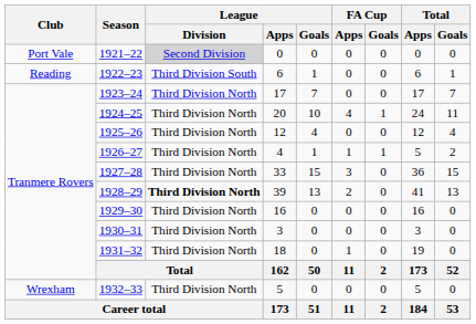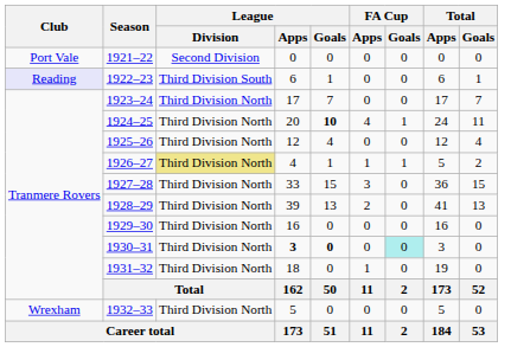 <table class="wikitable" style="text-align: center;">
 <tr>
 <th rowspan="2">Club</th>
 <th rowspan="2">Season</th>
 <th colspan="3">League</th>
 <th colspan="2">FA Cup</th>
 <th colspan="2">Total</th>
 </tr>
 <tr>
 <th>Division</th>
 <th>Apps</th>
 <th>Goals</th>
 <th>Apps</th>
 <th>Goals</th>
 <th>Apps</th>
 <th>Goals</th>
 </tr>
 <tr>
 <td><a href='#'>Port Vale</a></td>
 <td><a href='#'>1921–22</a></td>
-<td style="background: lightgrey;"><a href='#'>Second Division</a></td>
+<td><a href='#'>Second Division</a></td>
 <td>0</td>
 <td>0</td>
 <td>0</td>
 <td>0</td>
 <td>0</td>
 <td>0</td>
 </tr>
 <tr>
-<td><a href='#'>Reading</a></td>
+<td style="background: lavender;"><a href='#'>Reading</a></td>
 <td><a href='#'>1922–23</a></td>
 <td><a href='#'>Third Division South</a></td>
 <td>6</td>
 <td>1</td>
 <td>0</td>
 <td>0</td>
 <td>6</td>
 <td>1</td>
 </tr>
 <tr>
 <td rowspan="10"><a href='#'>Tranmere Rovers</a></td>
 <td><a href='#'>1923–24</a></td>
 <td><a href='#'>Third Division North</a></td>
 <td>17</td>
 <td>7</td>
 <td>0</td>
 <td>0</td>
 <td>17</td>
 <td>7</td>
 </tr>
 <tr>
 <td><a href='#'>1924–25</a></td>
 <td>Third Division North</td>
 <td>20</td>
-<td>10</td>
+<td><strong>10</strong></td>
 <td>4</td>
 <td>1</td>
 <td>24</td>
 <td>11</td>
 </tr>
 <tr>
 <td><a href='#'>1925–26</a></td>
 <td>Third Division North</td>
 <td>12</td>
 <td>4</td>
 <td>0</td>
 <td>0</td>
 <td>12</td>
 <td>4</td>
 </tr>
 <tr>
 <td><a href='#'>1926–27</a></td>
-<td>Third Division North</td>
+<td style="background: khaki;">Third Division North</td>
 <td>4</td>
 <td>1</td>
 <td>1</td>
 <td>1</td>
 <td>5</td>
 <td>2</td>
 </tr>
 <tr>
 <td><a href='#'>1927–28</a></td>
 <td>Third Division North</td>
 <td>33</td>
 <td>15</td>
 <td>3</td>
 <td>0</td>
 <td>36</td>
 <td>15</td>
 </tr>
 <tr>
 <td><a href='#'>1928–29</a></td>
-<td><strong>Third Division North</strong></td>
+<td>Third Division North</td>
 <td>39</td>
 <td>13</td>
 <td>2</td>
 <td>0</td>
 <td>41</td>
 <td>13</td>
 </tr>
 <tr>
 <td><a href='#'>1929–30</a></td>
 <td>Third Division North</td>
 <td>16</td>
 <td>0</td>
 <td>0</td>
 <td>0</td>
 <td>16</td>
 <td>0</td>
 </tr>
 <tr>
 <td><a href='#'>1930–31</a></td>
 <td>Third Division North</td>
-<td>3</td>
+<td><strong>3</strong></td>
+<td><strong>0</strong></td>
 <td>0</td>
-<td>0</td>
-<td>0</td>
+<td style="background: paleturquoise;">0</td>
 <td>3</td>
 <td>0</td>
 </tr>
 <tr>
 <td><a href='#'>1931–32</a></td>
 <td>Third Division North</td>
 <td>18</td>
 <td>0</td>
 <td>1</td>
 <td>0</td>
 <td>19</td>
 <td>0</td>
 </tr>
 <tr>
 <th colspan="2">Total</th>
 <th>162</th>
 <th>50</th>
 <th>11</th>
 <th>2</th>
 <th>173</th>
 <th>52</th>
 </tr>
 <tr>
 <td><a href='#'>Wrexham</a></td>
 <td><a href='#'>1932–33</a></td>
 <td>Third Division North</td>
 <td>5</td>
 <td>0</td>
 <td>0</td>
 <td>0</td>
 <td>5</td>
 <td>0</td>
 </tr>
 <tr>
 <th colspan="3">Career total</th>
 <th>173</th>
 <th>51</th>
 <th>11</th>
 <th>2</th>
 <th>184</th>
 <th>53</th>
 </tr>
 </table>
